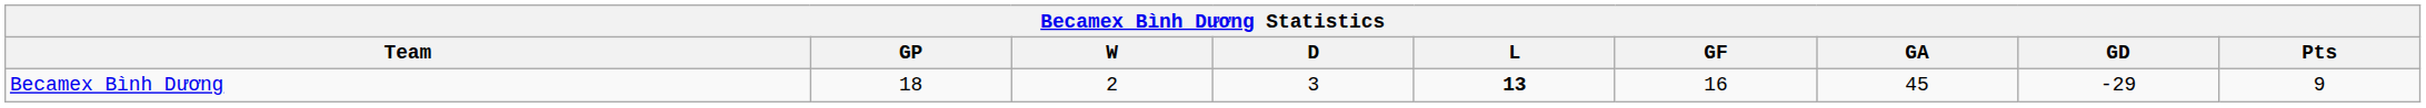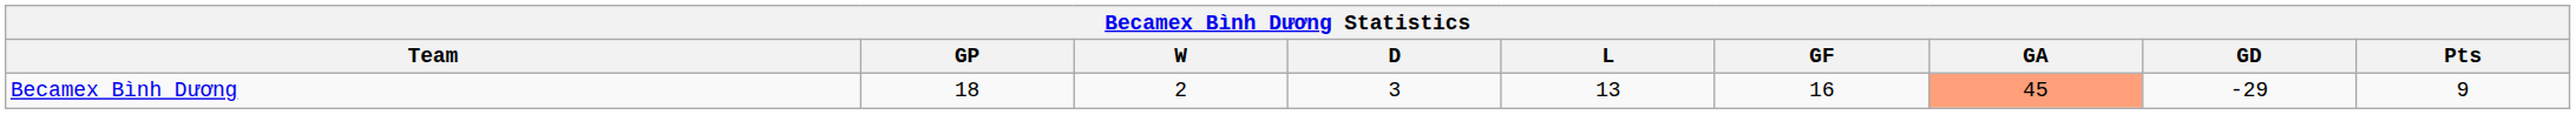 <table width=80% class="wikitable" style="text-align:center;">
 <tr>
 <th colspan=9><a href='#'>Becamex Bình Dương</a> Statistics</th>
 </tr>
 <tr>
 <th width=20%>Team</th>
 <th width=5%>GP</th>
 <th width=5%>W</th>
 <th width=5%>D</th>
 <th width=5%>L</th>
 <th width=5%>GF</th>
 <th width=5%>GA</th>
 <th width=5%>GD</th>
 <th width=5%>Pts</th>
 </tr>
 <tr>
 <td style="text-align:left;"> <a href='#'>Becamex Bình Dương</a></td>
 <td>18</td>
 <td>2</td>
 <td>3</td>
-<td><strong>13</strong></td>
+<td>13</td>
 <td>16</td>
-<td>45</td>
+<td style="background: lightsalmon;">45</td>
 <td>-29</td>
 <td>9</td>
 </tr>
 </table>
